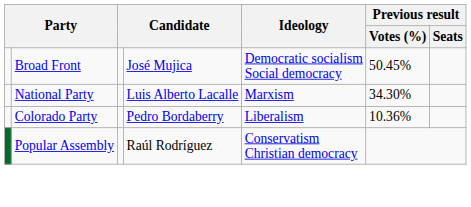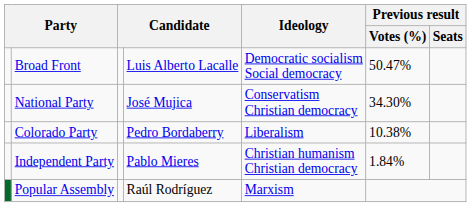 <table class="wikitable">
 <tr>
 <th colspan="2" rowspan="2">Party</th>
 <th colspan="2" rowspan="2">Candidate</th>
 <th rowspan="2">Ideology</th>
 <th colspan="2">Previous result</th>
 </tr>
 <tr>
 <th>Votes (%)</th>
 <th>Seats</th>
 </tr>
 <tr>
 <td width="1"></td>
 <td><a href='#'>Broad Front</a></td>
 <td></td>
-<td><a href='#'>José Mujica</a></td>
+<td><a href='#'>Luis Alberto Lacalle</a></td>
 <td><a href='#'>Democratic socialism</a><br><a href='#'>Social democracy</a></td>
-<td>50.45%</td>
+<td>50.47%</td>
 <td></td>
 </tr>
 <tr>
 <td width="1"></td>
 <td><a href='#'>National Party</a></td>
 <td></td>
-<td><a href='#'>Luis Alberto Lacalle</a></td>
-<td><a href='#'>Marxism</a></td>
+<td><a href='#'>José Mujica</a></td>
+<td><a href='#'>Conservatism</a><br><a href='#'>Christian democracy</a></td>
 <td>34.30%</td>
 <td></td>
 </tr>
 <tr>
 <td width="1"></td>
 <td><a href='#'>Colorado Party</a></td>
 <td></td>
 <td><a href='#'>Pedro Bordaberry</a></td>
 <td><a href='#'>Liberalism</a></td>
-<td>10.36%</td>
+<td>10.38%</td>
+<td></td>
+</tr>
+<tr>
+<td width="1"></td>
+<td><a href='#'>Independent Party</a></td>
+<td></td>
+<td><a href='#'>Pablo Mieres</a></td>
+<td><a href='#'>Christian humanism</a><br><a href='#'>Christian democracy</a></td>
+<td>1.84%</td>
 <td></td>
 </tr>
 <tr>
 <td width="1" bgcolor=#026b29></td>
 <td><a href='#'>Popular Assembly</a></td>
 <td></td>
 <td>Raúl Rodríguez</td>
-<td><a href='#'>Conservatism</a><br><a href='#'>Christian democracy</a></td>
+<td><a href='#'>Marxism</a></td>
 <td colspan="2"></td>
 </tr>
 </table>
